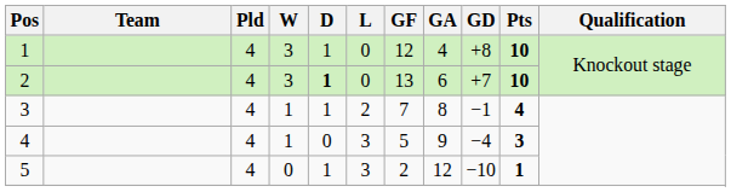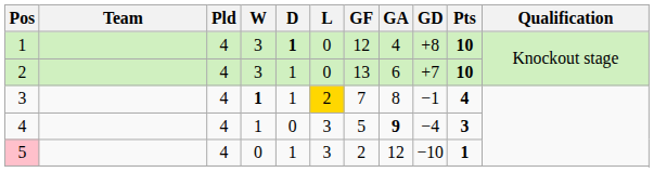 <table class="wikitable" border="1" style="text-align: center;">
 <tr>
 <th width="25"><abbr>Pos</abbr></th>
 <th width="150">Team</th>
 <th width="25"><abbr>Pld</abbr></th>
 <th width="25"><abbr>W</abbr></th>
 <th width="25"><abbr>D</abbr></th>
 <th width="25"><abbr>L</abbr></th>
 <th width="25"><abbr>GF</abbr></th>
 <th width="25"><abbr>GA</abbr></th>
 <th width="25"><abbr>GD</abbr></th>
 <th width="25"><abbr>Pts</abbr></th>
 <th width="150">Qualification</th>
 </tr>
 <tr bgcolor= #D0F0C0>
 <td>1</td>
 <td align="left"></td>
 <td>4</td>
 <td>3</td>
-<td>1</td>
+<td><strong>1</strong></td>
 <td>0</td>
 <td>12</td>
 <td>4</td>
 <td>+8</td>
 <td><strong>10</strong></td>
 <td rowspan=2>Knockout stage</td>
 </tr>
 <tr bgcolor= #D0F0C0>
 <td>2</td>
 <td align="left"></td>
 <td>4</td>
 <td>3</td>
-<td><strong>1</strong></td>
+<td>1</td>
 <td>0</td>
 <td>13</td>
 <td>6</td>
 <td>+7</td>
 <td><strong>10</strong></td>
 </tr>
 <tr>
 <td>3</td>
 <td align="left"></td>
 <td>4</td>
+<td><strong>1</strong></td>
 <td>1</td>
-<td>1</td>
-<td>2</td>
+<td style="background: gold;">2</td>
 <td>7</td>
 <td>8</td>
 <td>−1</td>
 <td><strong>4</strong></td>
 </tr>
 <tr>
 <td>4</td>
 <td align="left"></td>
 <td>4</td>
 <td>1</td>
 <td>0</td>
 <td>3</td>
 <td>5</td>
-<td>9</td>
+<td><strong>9</strong></td>
 <td>−4</td>
 <td><strong>3</strong></td>
 </tr>
 <tr>
-<td>5</td>
+<td style="background: pink;">5</td>
 <td align="left"></td>
 <td>4</td>
 <td>0</td>
 <td>1</td>
 <td>3</td>
 <td>2</td>
 <td>12</td>
 <td>−10</td>
 <td><strong>1</strong></td>
 </tr>
 <tr>
 </tr>
 </table>
